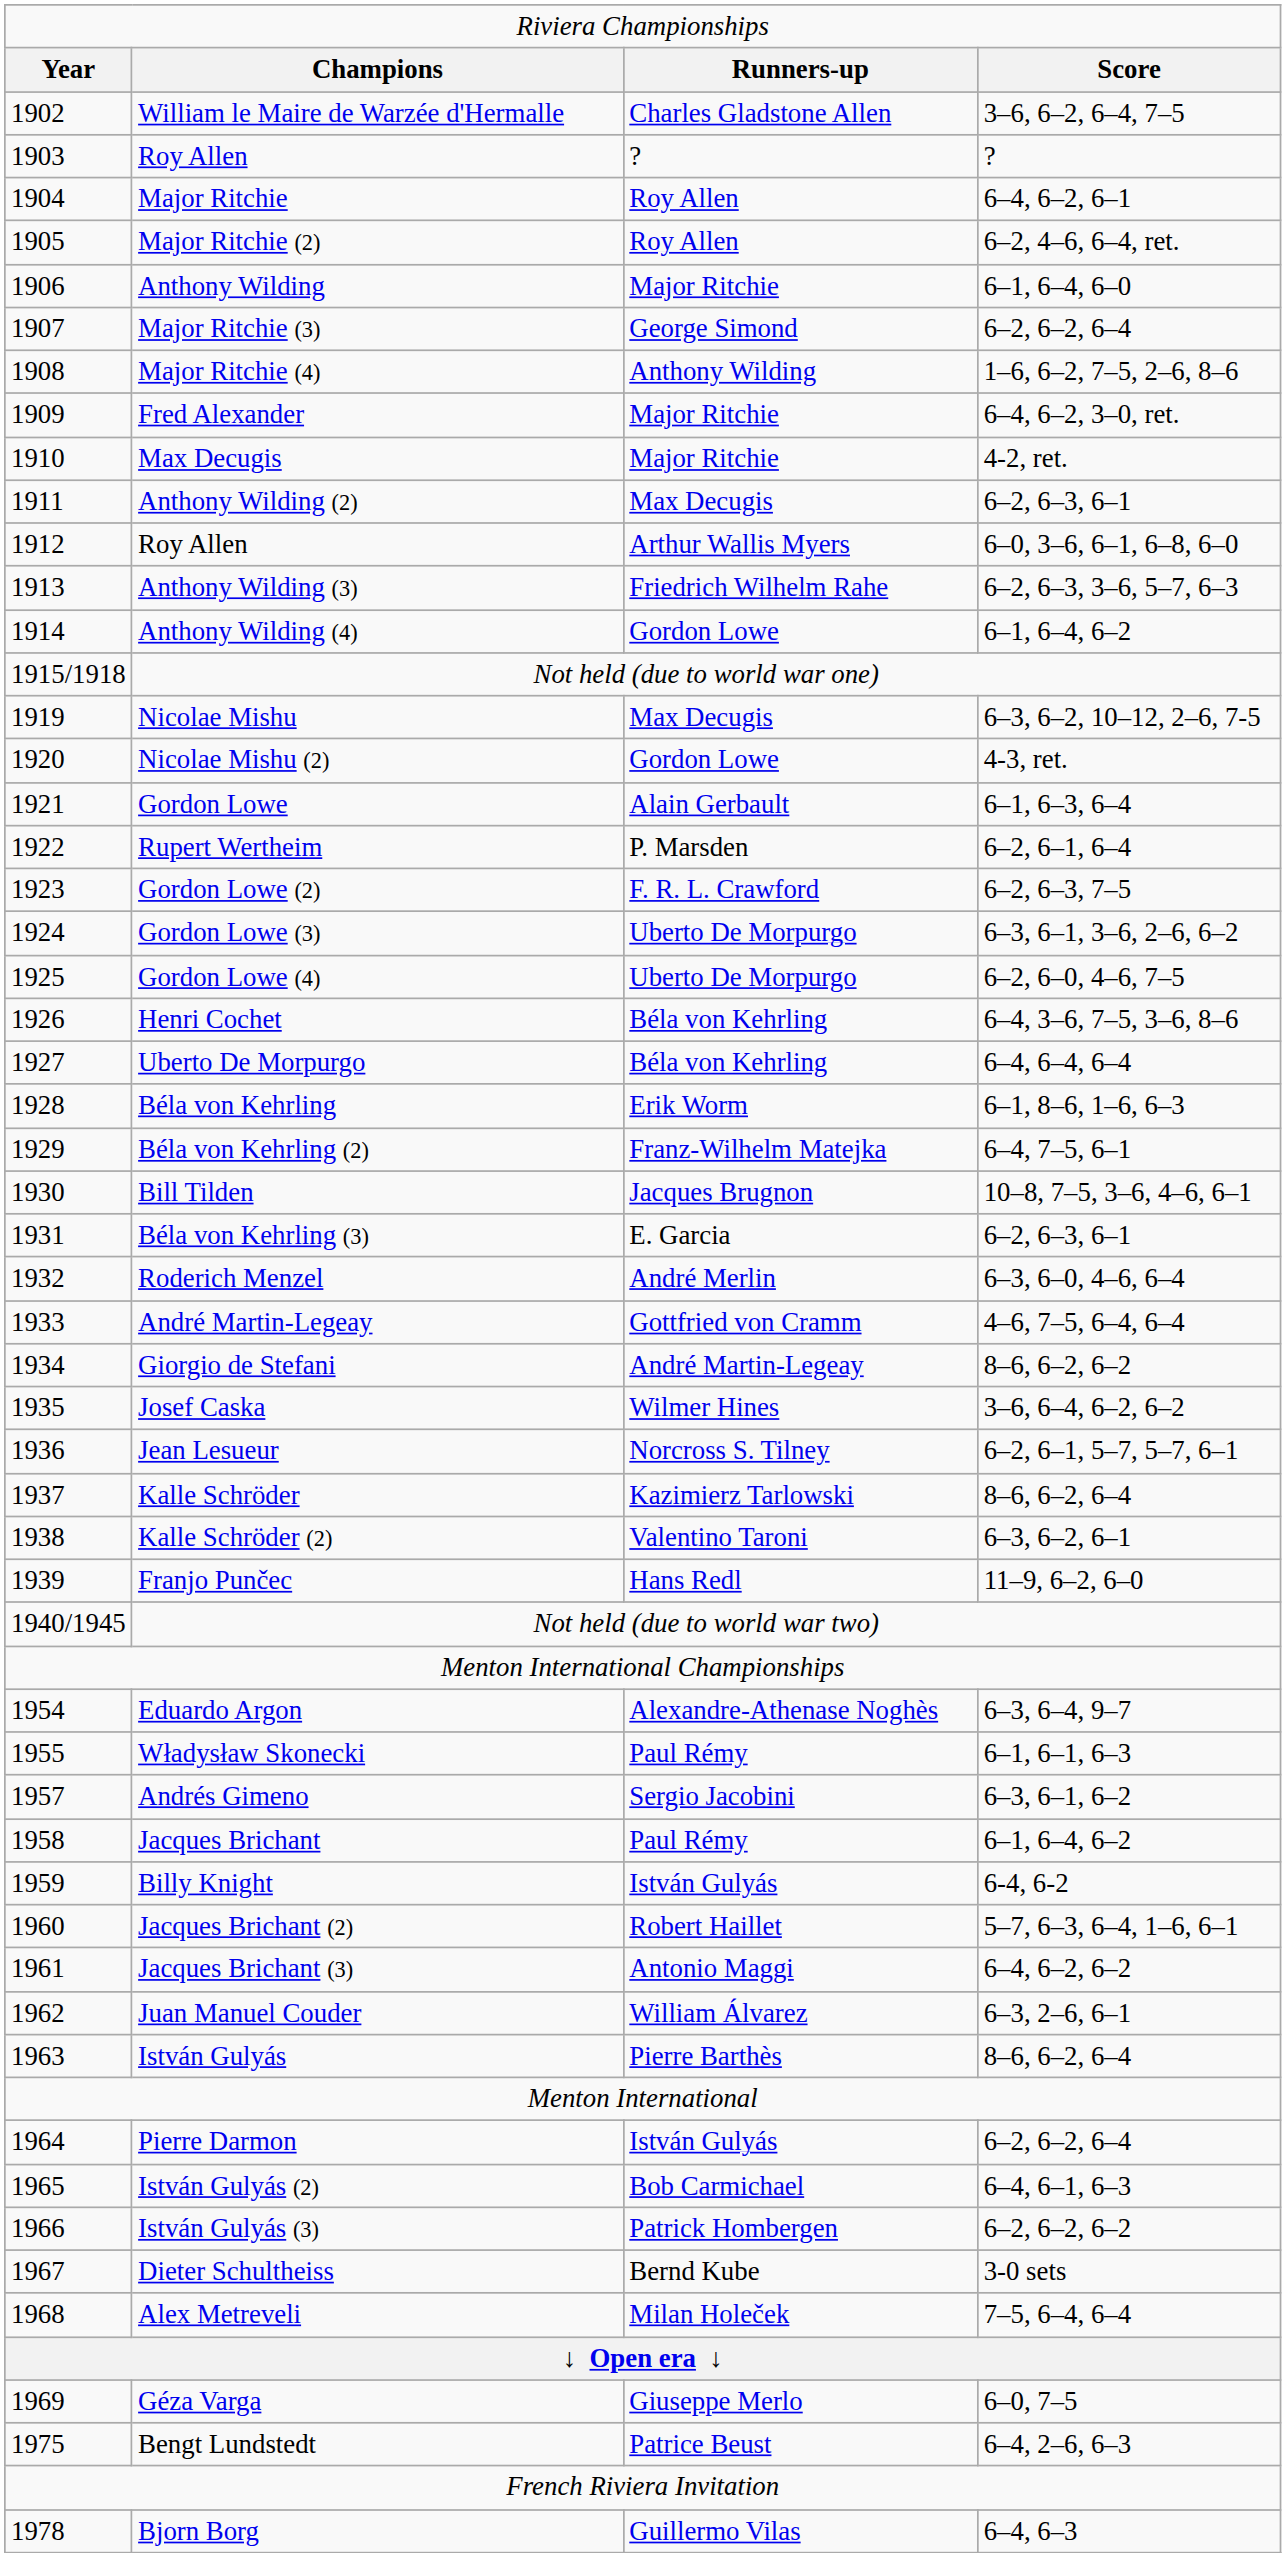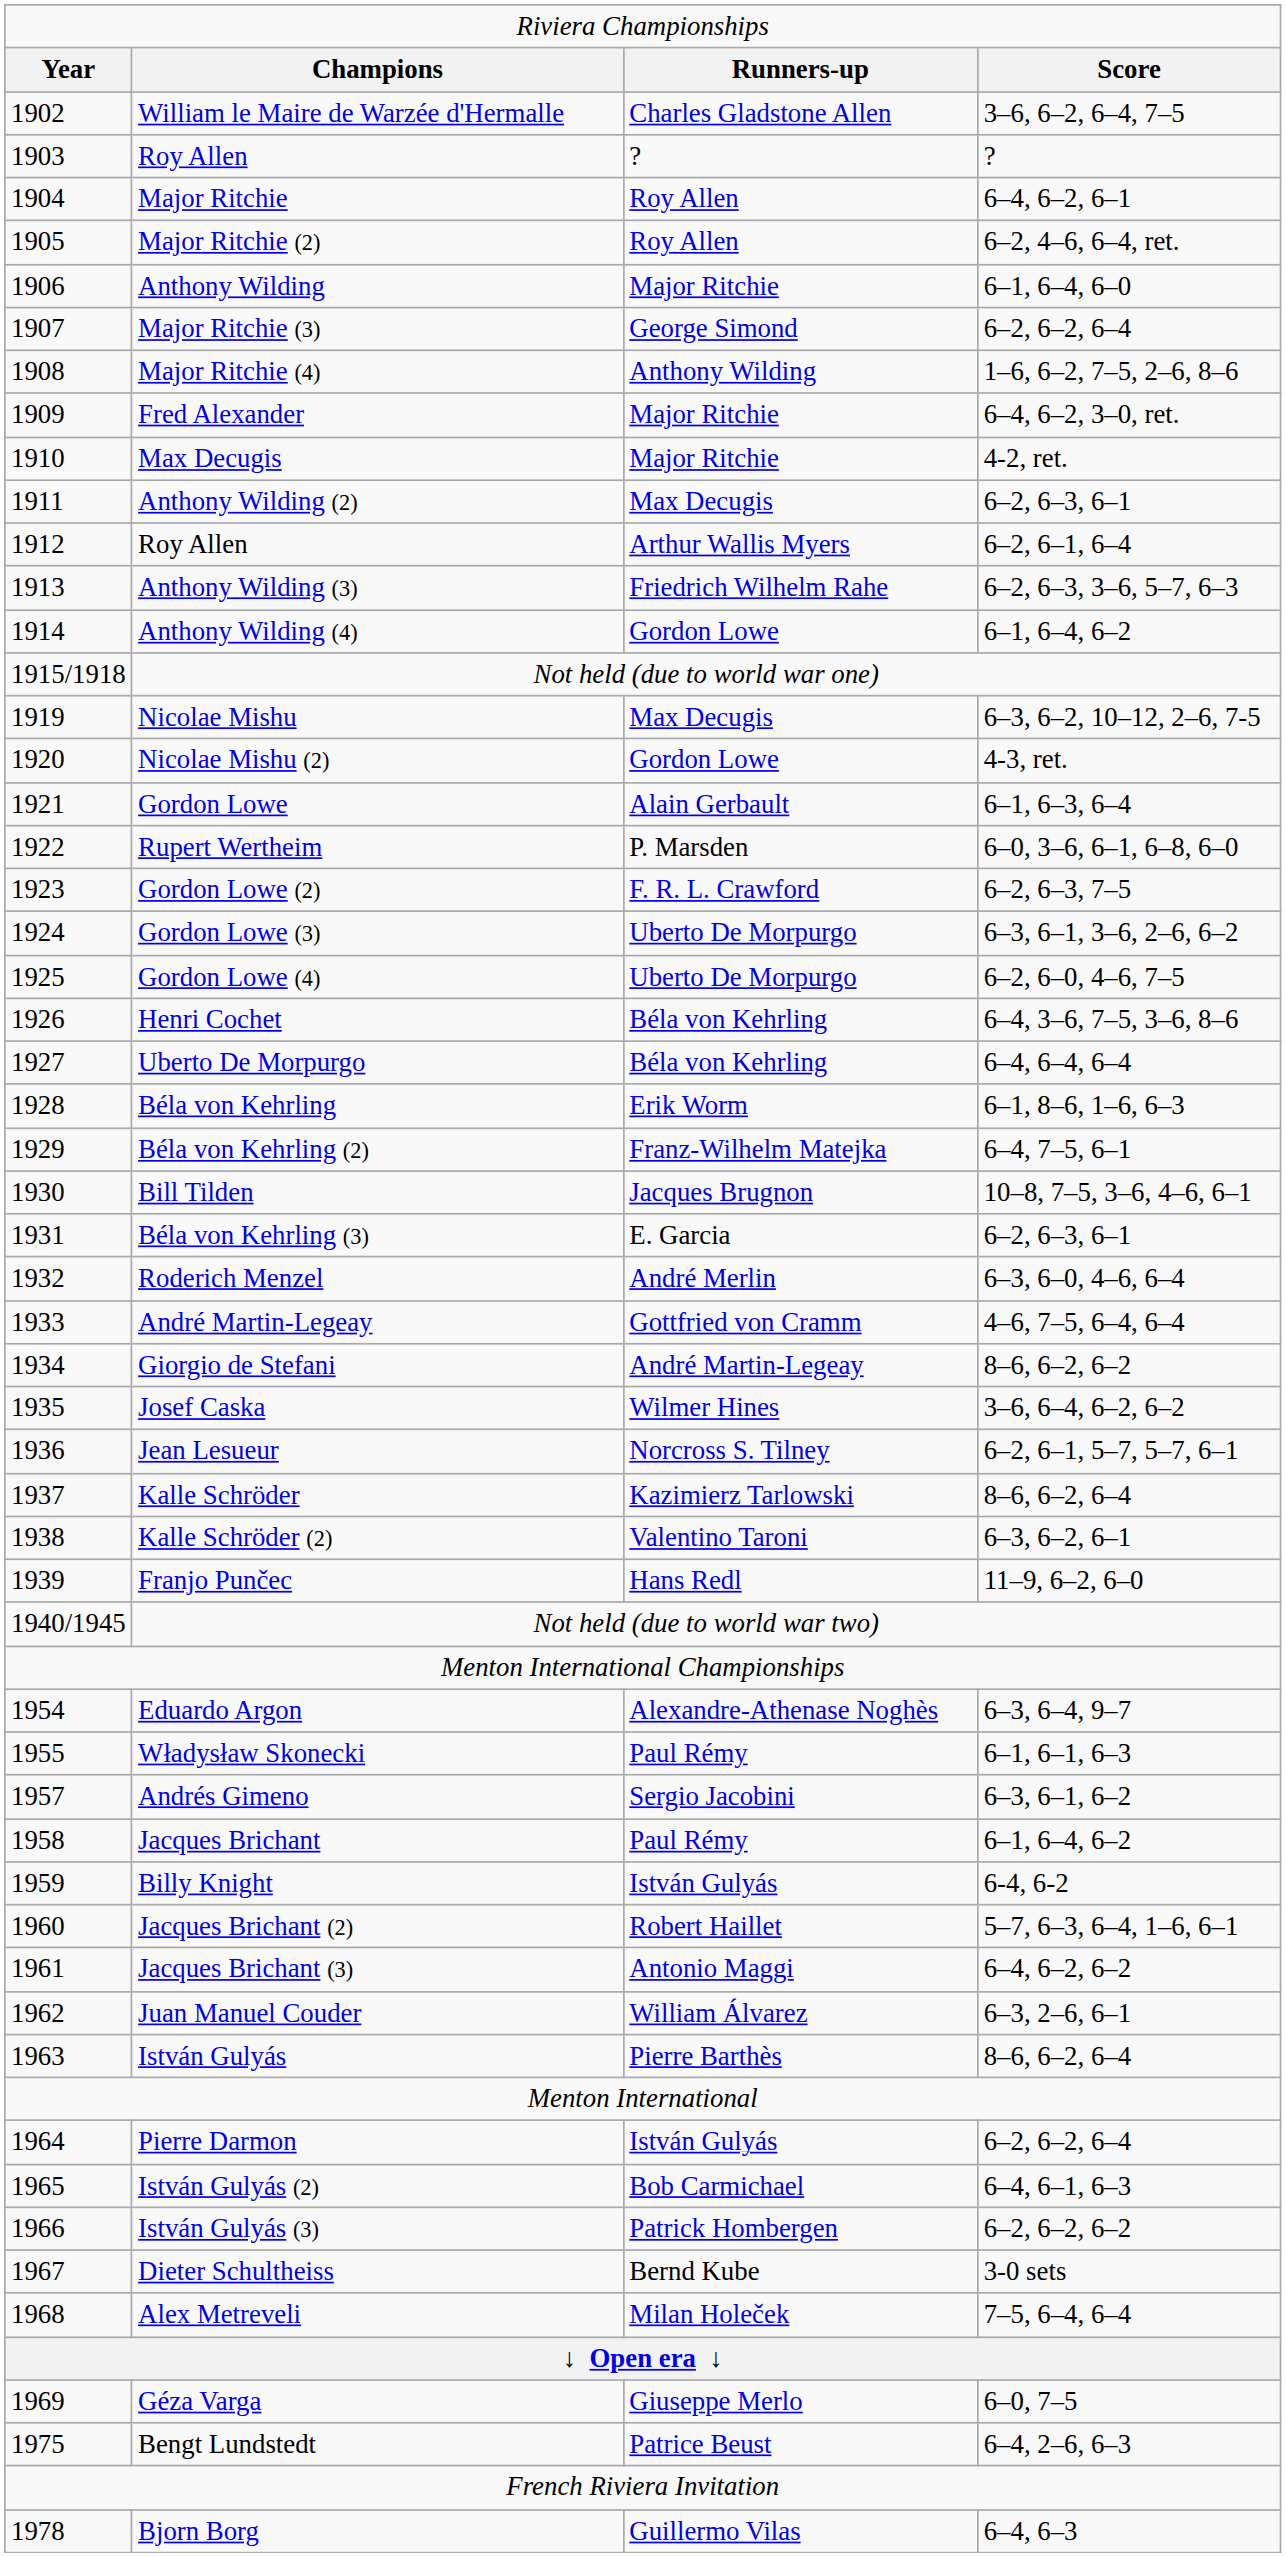 <table class="wikitable" style="font-size:98%;">
 <tr>
 <td colspan=4 align=center><em>Riviera Championships</em></td>
 </tr>
 <tr>
 <th style="width:60px;">Year</th>
 <th style="width:280px;">Champions</th>
 <th style="width:200px;">Runners-up</th>
 <th style="width:170px;">Score</th>
 </tr>
 <tr>
 <td>1902</td>
 <td> <a href='#'>William le Maire de Warzée d'Hermalle</a></td>
 <td> <a href='#'>Charles Gladstone Allen</a></td>
 <td>3–6, 6–2, 6–4, 7–5</td>
 </tr>
 <tr>
 <td>1903</td>
 <td> <a href='#'>Roy Allen</a></td>
 <td>?</td>
 <td>?</td>
 </tr>
 <tr>
 <td>1904</td>
 <td> <a href='#'>Major Ritchie</a></td>
 <td> <a href='#'>Roy Allen</a></td>
 <td>6–4, 6–2, 6–1</td>
 </tr>
 <tr>
 <td>1905</td>
 <td> <a href='#'>Major Ritchie</a> <small>(2)</small></td>
 <td> <a href='#'>Roy Allen</a></td>
 <td>6–2, 4–6, 6–4, ret.</td>
 </tr>
 <tr>
 <td>1906</td>
 <td> <a href='#'>Anthony Wilding</a></td>
 <td> <a href='#'>Major Ritchie</a></td>
 <td>6–1, 6–4, 6–0</td>
 </tr>
 <tr>
 <td>1907</td>
 <td> <a href='#'>Major Ritchie</a> <small>(3)</small></td>
 <td> <a href='#'>George Simond</a></td>
 <td>6–2, 6–2, 6–4</td>
 </tr>
 <tr>
 <td>1908 </td>
 <td> <a href='#'>Major Ritchie</a> <small>(4)</small></td>
 <td> <a href='#'>Anthony Wilding</a></td>
 <td>1–6, 6–2, 7–5, 2–6, 8–6</td>
 </tr>
 <tr>
 <td>1909</td>
 <td> <a href='#'>Fred Alexander</a></td>
 <td> <a href='#'>Major Ritchie</a></td>
 <td>6–4, 6–2, 3–0, ret.</td>
 </tr>
 <tr>
 <td>1910</td>
 <td> <a href='#'>Max Decugis</a></td>
 <td> <a href='#'>Major Ritchie</a></td>
 <td>4-2, ret.</td>
 </tr>
 <tr>
 <td>1911</td>
 <td> <a href='#'>Anthony Wilding</a> <small>(2)</small></td>
 <td> <a href='#'>Max Decugis</a></td>
 <td>6–2, 6–3, 6–1</td>
 </tr>
 <tr>
 <td>1912</td>
 <td> Roy Allen</td>
 <td><a href='#'>Arthur Wallis Myers</a></td>
-<td>6–0, 3–6, 6–1, 6–8, 6–0</td>
+<td>6–2, 6–1, 6–4</td>
 </tr>
 <tr>
 <td>1913 </td>
 <td> <a href='#'>Anthony Wilding</a> <small>(3)</small></td>
 <td> <a href='#'>Friedrich Wilhelm Rahe</a></td>
 <td>6–2, 6–3, 3–6, 5–7, 6–3</td>
 </tr>
 <tr>
 <td>1914</td>
 <td> <a href='#'>Anthony Wilding</a> <small>(4)</small></td>
 <td> <a href='#'>Gordon Lowe</a></td>
 <td>6–1, 6–4, 6–2</td>
 </tr>
 <tr>
 <td>1915/1918</td>
 <td colspan=3 align=center><em>Not held (due to world war one)</em></td>
 </tr>
 <tr>
 <td>1919</td>
 <td> <a href='#'>Nicolae Mishu</a></td>
 <td> <a href='#'>Max Decugis</a></td>
 <td>6–3, 6–2, 10–12, 2–6, 7-5</td>
 </tr>
 <tr>
 <td>1920</td>
 <td> <a href='#'>Nicolae Mishu</a> <small>(2)</small></td>
 <td> <a href='#'>Gordon Lowe</a></td>
 <td>4-3, ret.</td>
 </tr>
 <tr>
 <td>1921</td>
 <td> <a href='#'>Gordon Lowe</a></td>
 <td> <a href='#'>Alain Gerbault</a></td>
 <td>6–1, 6–3, 6–4</td>
 </tr>
 <tr>
 <td>1922</td>
 <td> <a href='#'>Rupert Wertheim</a></td>
 <td> P. Marsden</td>
-<td>6–2, 6–1, 6–4</td>
+<td>6–0, 3–6, 6–1, 6–8, 6–0</td>
 </tr>
 <tr>
 <td>1923</td>
 <td> <a href='#'>Gordon Lowe</a> <small>(2)</small></td>
 <td> <a href='#'>F. R. L. Crawford</a></td>
 <td>6–2, 6–3, 7–5</td>
 </tr>
 <tr>
 <td>1924</td>
 <td> <a href='#'>Gordon Lowe</a> <small>(3)</small></td>
 <td> <a href='#'>Uberto De Morpurgo</a></td>
 <td>6–3, 6–1, 3–6, 2–6, 6–2</td>
 </tr>
 <tr>
 <td>1925</td>
 <td> <a href='#'>Gordon Lowe</a> <small>(4)</small></td>
 <td> <a href='#'>Uberto De Morpurgo</a></td>
 <td>6–2, 6–0, 4–6, 7–5</td>
 </tr>
 <tr>
 <td>1926</td>
 <td> <a href='#'>Henri Cochet</a></td>
 <td> <a href='#'>Béla von Kehrling</a></td>
 <td>6–4, 3–6, 7–5, 3–6, 8–6</td>
 </tr>
 <tr>
 <td>1927</td>
 <td> <a href='#'>Uberto De Morpurgo</a></td>
 <td> <a href='#'>Béla von Kehrling</a></td>
 <td>6–4, 6–4, 6–4</td>
 </tr>
 <tr>
 <td>1928</td>
 <td> <a href='#'>Béla von Kehrling</a></td>
 <td> <a href='#'>Erik Worm</a></td>
 <td>6–1, 8–6, 1–6, 6–3</td>
 </tr>
 <tr>
 <td>1929</td>
 <td> <a href='#'>Béla von Kehrling</a> <small>(2)</small></td>
 <td> <a href='#'>Franz-Wilhelm Matejka</a></td>
 <td>6–4, 7–5, 6–1</td>
 </tr>
 <tr>
 <td>1930</td>
 <td> <a href='#'>Bill Tilden</a></td>
 <td> <a href='#'>Jacques Brugnon</a></td>
 <td>10–8, 7–5, 3–6, 4–6, 6–1</td>
 </tr>
 <tr>
 <td>1931</td>
 <td> <a href='#'>Béla von Kehrling</a> <small>(3)</small></td>
 <td> E. Garcia</td>
 <td>6–2, 6–3, 6–1</td>
 </tr>
 <tr>
 <td>1932</td>
 <td> <a href='#'>Roderich Menzel</a></td>
 <td> <a href='#'>André Merlin</a></td>
 <td>6–3, 6–0, 4–6, 6–4</td>
 </tr>
 <tr>
 <td>1933</td>
 <td> <a href='#'>André Martin-Legeay</a></td>
 <td> <a href='#'>Gottfried von Cramm</a></td>
 <td>4–6, 7–5, 6–4, 6–4</td>
 </tr>
 <tr>
 <td>1934</td>
 <td> <a href='#'>Giorgio de Stefani</a></td>
 <td> <a href='#'>André Martin-Legeay</a></td>
 <td>8–6, 6–2, 6–2</td>
 </tr>
 <tr>
 <td>1935</td>
 <td> <a href='#'>Josef Caska</a></td>
 <td> <a href='#'>Wilmer Hines</a></td>
 <td>3–6, 6–4, 6–2, 6–2</td>
 </tr>
 <tr>
 <td>1936</td>
 <td> <a href='#'>Jean Lesueur</a></td>
 <td> <a href='#'>Norcross S. Tilney</a></td>
 <td>6–2, 6–1, 5–7, 5–7, 6–1</td>
 </tr>
 <tr>
 <td>1937</td>
 <td> <a href='#'>Kalle Schröder</a></td>
 <td> <a href='#'>Kazimierz Tarlowski</a></td>
 <td>8–6, 6–2, 6–4</td>
 </tr>
 <tr>
 <td>1938</td>
 <td> <a href='#'>Kalle Schröder</a> <small>(2)</small></td>
 <td> <a href='#'>Valentino Taroni</a></td>
 <td>6–3, 6–2, 6–1</td>
 </tr>
 <tr>
 <td>1939</td>
 <td> <a href='#'>Franjo Punčec</a></td>
 <td> <a href='#'>Hans Redl</a></td>
 <td>11–9, 6–2, 6–0</td>
 </tr>
 <tr>
 <td>1940/1945</td>
 <td colspan=3 align=center><em>Not held (due to world war two)</em></td>
 </tr>
 <tr>
 <td colspan=4 align=center><em>Menton International Championships</em></td>
 </tr>
 <tr>
 <td>1954</td>
 <td> <a href='#'>Eduardo Argon</a></td>
 <td> <a href='#'>Alexandre-Athenase Noghès</a></td>
 <td>6–3, 6–4, 9–7</td>
 </tr>
 <tr>
 <td>1955</td>
 <td> <a href='#'>Władysław Skonecki</a></td>
 <td> <a href='#'>Paul Rémy</a></td>
 <td>6–1, 6–1, 6–3</td>
 </tr>
 <tr>
 <td>1957</td>
 <td> <a href='#'>Andrés Gimeno</a></td>
 <td> <a href='#'>Sergio Jacobini</a></td>
 <td>6–3, 6–1, 6–2</td>
 </tr>
 <tr>
 <td>1958</td>
 <td> <a href='#'>Jacques Brichant</a></td>
 <td> <a href='#'>Paul Rémy</a></td>
 <td>6–1, 6–4, 6–2</td>
 </tr>
 <tr>
 <td>1959</td>
 <td> <a href='#'>Billy Knight</a></td>
 <td> <a href='#'>István Gulyás</a></td>
 <td>6-4, 6-2</td>
 </tr>
 <tr>
 <td>1960</td>
 <td> <a href='#'>Jacques Brichant</a> <small>(2)</small></td>
 <td> <a href='#'>Robert Haillet</a></td>
 <td>5–7, 6–3, 6–4, 1–6, 6–1</td>
 </tr>
 <tr>
 <td>1961</td>
 <td> <a href='#'>Jacques Brichant</a> <small>(3)</small></td>
 <td> <a href='#'>Antonio Maggi</a></td>
 <td>6–4, 6–2, 6–2</td>
 </tr>
 <tr>
 <td>1962</td>
 <td> <a href='#'>Juan Manuel Couder</a></td>
 <td> <a href='#'>William Álvarez</a></td>
 <td>6–3, 2–6, 6–1</td>
 </tr>
 <tr>
 <td>1963</td>
 <td> <a href='#'>István Gulyás</a></td>
 <td> <a href='#'>Pierre Barthès</a></td>
 <td>8–6, 6–2, 6–4</td>
 </tr>
 <tr>
 <td colspan=4 align=center><em>Menton International</em></td>
 </tr>
 <tr>
 <td>1964</td>
 <td> <a href='#'>Pierre Darmon</a></td>
 <td> <a href='#'>István Gulyás</a></td>
 <td>6–2, 6–2, 6–4</td>
 </tr>
 <tr>
 <td>1965</td>
 <td> <a href='#'>István Gulyás</a> <small>(2)</small></td>
 <td> <a href='#'>Bob Carmichael</a></td>
 <td>6–4, 6–1, 6–3</td>
 </tr>
 <tr>
 <td>1966</td>
 <td> <a href='#'>István Gulyás</a> <small>(3)</small></td>
 <td> <a href='#'>Patrick Hombergen</a></td>
 <td>6–2, 6–2, 6–2</td>
 </tr>
 <tr>
 <td>1967</td>
 <td> <a href='#'>Dieter Schultheiss</a></td>
 <td> Bernd Kube</td>
 <td>3-0 sets</td>
 </tr>
 <tr>
 <td>1968</td>
 <td> <a href='#'>Alex Metreveli</a></td>
 <td> <a href='#'>Milan Holeček</a></td>
 <td>7–5, 6–4, 6–4</td>
 </tr>
 <tr>
 <th colspan=4 align=center>↓  <a href='#'>Open era</a>  ↓</th>
 </tr>
 <tr>
 <td>1969</td>
 <td>  <a href='#'>Géza Varga</a></td>
 <td> <a href='#'>Giuseppe Merlo</a></td>
 <td>6–0, 7–5</td>
 </tr>
 <tr>
 <td>1975</td>
 <td>  Bengt Lundstedt</td>
 <td> <a href='#'>Patrice Beust</a></td>
 <td>6–4, 2–6, 6–3</td>
 </tr>
 <tr>
 <td colspan=4 align=center><em>French Riviera Invitation</em></td>
 </tr>
 <tr>
 <td>1978</td>
 <td> <a href='#'>Bjorn Borg</a></td>
 <td> <a href='#'>Guillermo Vilas</a></td>
 <td>6–4, 6–3</td>
 </tr>
 <tr>
 </tr>
 </table>
